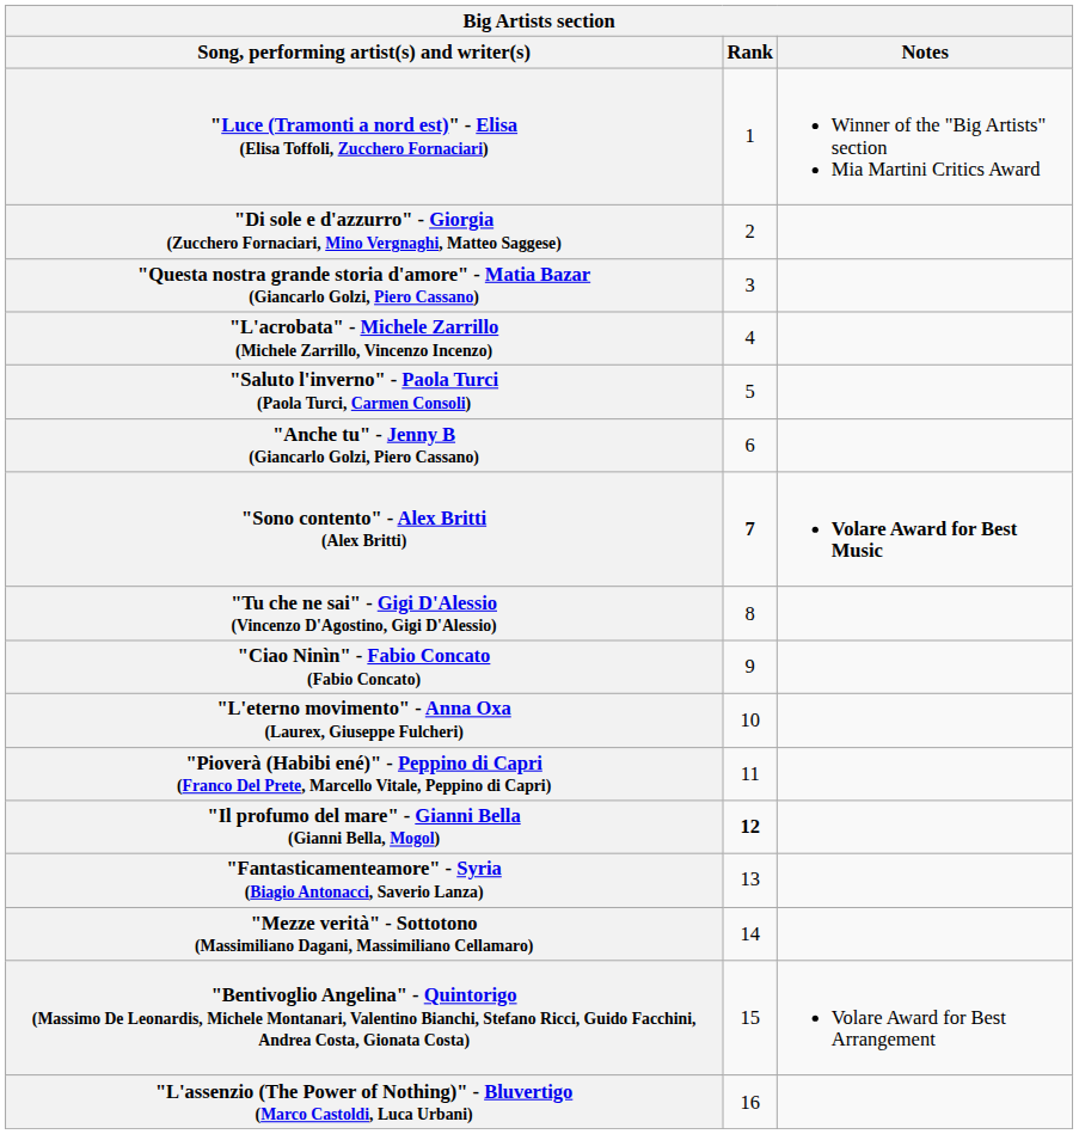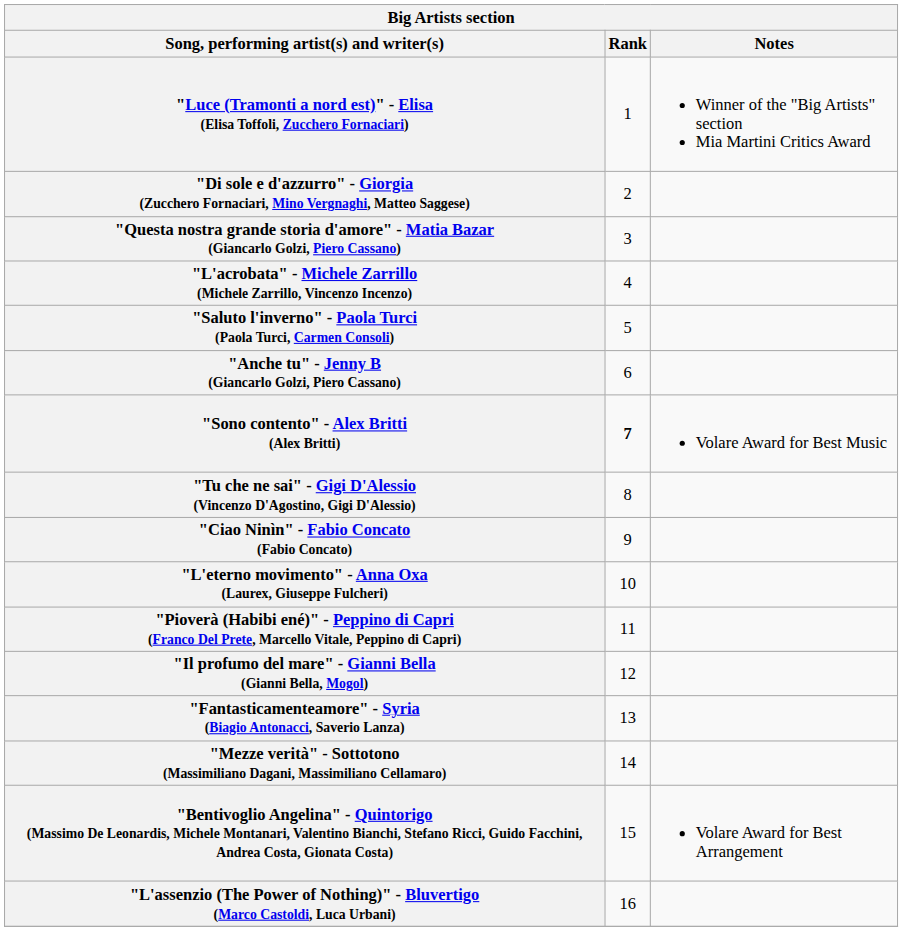 <table class="plainrowheaders wikitable">
 <tr>
 <th colspan="3">Big Artists section</th>
 </tr>
 <tr>
 <th>Song, performing artist(s) and writer(s)</th>
 <th>Rank</th>
 <th>Notes</th>
 </tr>
 <tr>
 <th scope="row">"<a href='#'>Luce (Tramonti a nord est)</a>" - <a href='#'>Elisa</a><br><small> (Elisa Toffoli, <a href='#'>Zucchero Fornaciari</a>)</small></th>
 <td align="center">1</td>
 <td><br><ul><li>Winner of the "Big Artists" section</li><li>Mia Martini Critics Award</li></ul></td>
 </tr>
 <tr>
 <th scope="row">"Di sole e d'azzurro" -  <a href='#'>Giorgia</a><br><small> (Zucchero Fornaciari, <a href='#'>Mino Vergnaghi</a>, Matteo Saggese)</small></th>
 <td align="center">2</td>
 <td></td>
 </tr>
 <tr>
 <th scope="row">"Questa nostra grande storia d'amore" -  <a href='#'>Matia Bazar</a><br><small> (Giancarlo Golzi, <a href='#'>Piero Cassano</a>) </small></th>
 <td align="center">3</td>
 <td></td>
 </tr>
 <tr>
 <th scope="row">"L'acrobata" -  <a href='#'>Michele Zarrillo</a><br> <small> (Michele Zarrillo, Vincenzo Incenzo)</small></th>
 <td align="center">4</td>
 <td></td>
 </tr>
 <tr>
 <th scope="row">"Saluto l'inverno" - <a href='#'>Paola Turci</a><br> <small> (Paola Turci, <a href='#'>Carmen Consoli</a>)</small></th>
 <td align="center">5</td>
 <td></td>
 </tr>
 <tr>
 <th scope="row">"Anche tu" - <a href='#'>Jenny B</a><br><small> (Giancarlo Golzi, Piero Cassano)</small></th>
 <td align="center">6</td>
 <td></td>
 </tr>
 <tr>
 <th scope="row">"Sono contento" -  <a href='#'>Alex Britti</a><br> <small> (Alex Britti) </small></th>
 <td align="center"><strong>7</strong></td>
-<td><strong><br><ul><li>Volare Award for Best Music</li></ul></strong></td>
+<td><br><ul><li>Volare Award for Best Music</li></ul></td>
 </tr>
 <tr>
 <th scope="row">"Tu che ne sai" - <a href='#'>Gigi D'Alessio</a><br><small> (Vincenzo D'Agostino, Gigi D'Alessio) </small></th>
 <td align="center">8</td>
 <td></td>
 </tr>
 <tr>
 <th scope="row">"Ciao Ninìn" - <a href='#'>Fabio Concato</a><br><small> (Fabio Concato) </small></th>
 <td align="center">9</td>
 <td></td>
 </tr>
 <tr>
 <th scope="row">"L'eterno movimento" - <a href='#'>Anna Oxa</a><br><small> (Laurex, Giuseppe Fulcheri) </small></th>
 <td align="center">10</td>
 <td></td>
 </tr>
 <tr>
 <th scope="row">"Pioverà (Habibi ené)" -  <a href='#'>Peppino di Capri</a><br>  <small>(<a href='#'>Franco Del Prete</a>, Marcello Vitale, Peppino di Capri) </small></th>
 <td align="center">11</td>
 <td></td>
 </tr>
 <tr>
 <th scope="row">"Il profumo del mare" - <a href='#'>Gianni Bella</a><br> <small>(Gianni Bella, <a href='#'>Mogol</a>) </small></th>
-<td align="center"><strong>12</strong></td>
+<td align="center">12</td>
 <td></td>
 </tr>
 <tr>
 <th scope="row">"Fantasticamenteamore" - <a href='#'>Syria</a><br><small> (<a href='#'>Biagio Antonacci</a>, Saverio Lanza)  </small></th>
 <td align="center">13</td>
 <td></td>
 </tr>
 <tr>
 <th scope="row">"Mezze verità" - Sottotono<br><small> (Massimiliano Dagani, Massimiliano Cellamaro) </small></th>
 <td align="center">14</td>
 <td></td>
 </tr>
 <tr>
 <th scope="row">"Bentivoglio Angelina" - <a href='#'>Quintorigo</a> <br><small>  (Massimo De Leonardis, Michele Montanari, Valentino Bianchi, Stefano Ricci, Guido Facchini, Andrea Costa, Gionata Costa) </small></th>
 <td align="center">15</td>
 <td><br><ul><li>Volare Award for Best Arrangement</li></ul></td>
 </tr>
 <tr>
 <th scope="row">"L'assenzio (The Power of Nothing)" -  <a href='#'>Bluvertigo</a><br><small> (<a href='#'>Marco Castoldi</a>, Luca Urbani) </small></th>
 <td align="center">16</td>
 <td></td>
 </tr>
 <tr>
 </tr>
 </table>
